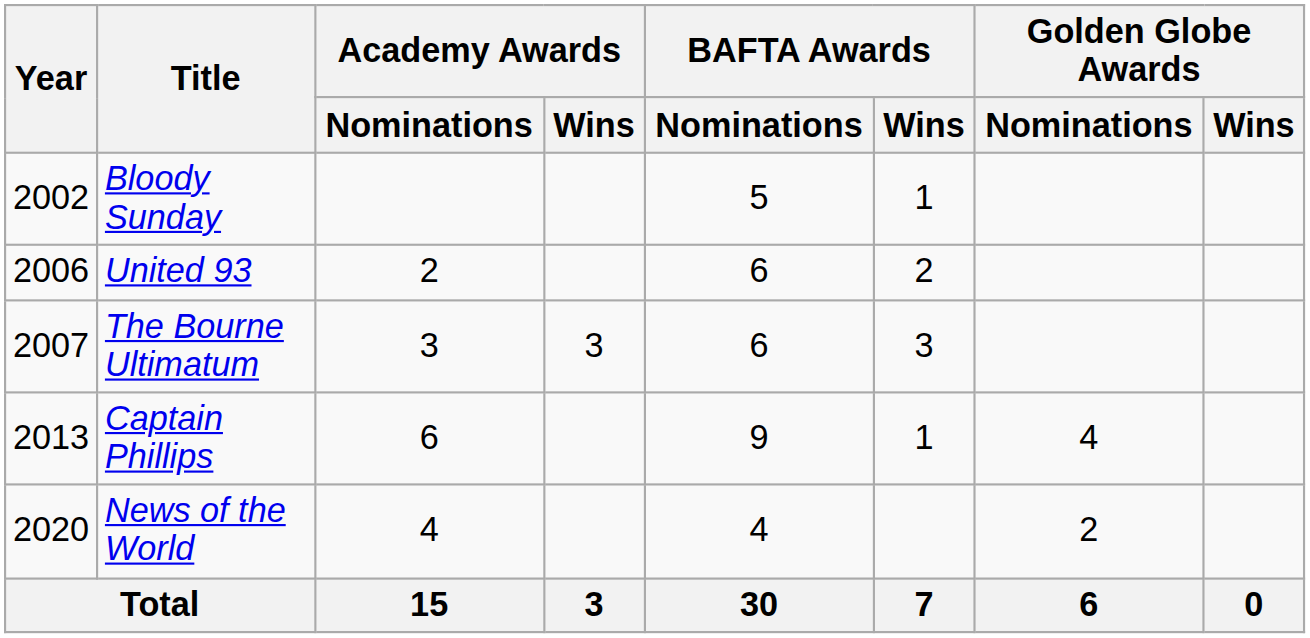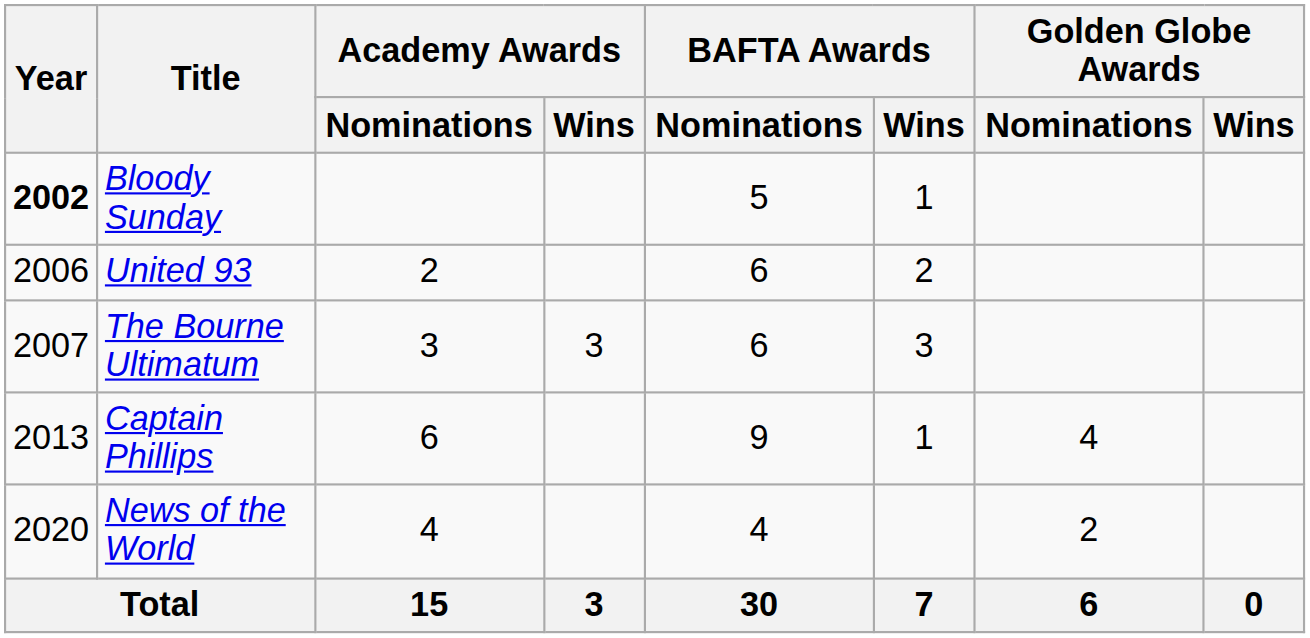 <table class="wikitable">
 <tr>
 <th rowspan="2">Year</th>
 <th rowspan="2">Title</th>
 <th colspan="2" style="text-align:center;" width=160>Academy Awards</th>
 <th colspan="2" style="text-align:center;" width=160>BAFTA Awards</th>
 <th colspan="2" style="text-align:center;" width=160>Golden Globe Awards</th>
 </tr>
 <tr>
 <th>Nominations</th>
 <th>Wins</th>
 <th>Nominations</th>
 <th>Wins</th>
 <th>Nominations</th>
 <th>Wins</th>
 </tr>
 <tr>
-<td>2002</td>
+<td><strong>2002</strong></td>
 <td><em><a href='#'>Bloody Sunday</a></em></td>
 <td></td>
 <td></td>
 <td align=center>5</td>
 <td align=center>1</td>
 <td></td>
 <td></td>
 </tr>
 <tr>
 <td>2006</td>
 <td><em><a href='#'>United 93</a></em></td>
 <td align=center>2</td>
 <td></td>
 <td align=center>6</td>
 <td align=center>2</td>
 <td></td>
 <td></td>
 </tr>
 <tr>
 <td>2007</td>
 <td><em><a href='#'>The Bourne Ultimatum</a></em></td>
 <td align=center>3</td>
 <td align=center>3</td>
 <td align=center>6</td>
 <td align=center>3</td>
 <td></td>
 <td></td>
 </tr>
 <tr>
 <td>2013</td>
 <td><em><a href='#'>Captain Phillips</a></em></td>
 <td align=center>6</td>
 <td></td>
 <td align=center>9</td>
 <td align=center>1</td>
 <td align=center>4</td>
 <td></td>
 </tr>
 <tr>
 <td>2020</td>
 <td><em><a href='#'>News of the World</a></em></td>
 <td align=center>4</td>
 <td></td>
 <td align=center>4</td>
 <td></td>
 <td align=center>2</td>
 <td></td>
 </tr>
 <tr>
 <th colspan="2"><strong>Total</strong></th>
 <th align=center>15</th>
 <th align=center>3</th>
 <th align=center>30</th>
 <th align=center>7</th>
 <th align=center>6</th>
 <th align=center>0</th>
 </tr>
 </table>
